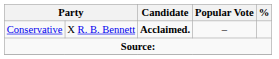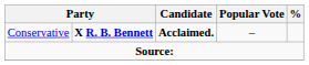 <table class="wikitable">
 <tr>
 <th colspan="2">Party</th>
 <th>Candidate</th>
 <th>Popular Vote</th>
 <th>%</th>
 </tr>
 <tr>
 <td><a href='#'>Conservative</a></td>
-<td> X <a href='#'>R. B. Bennett</a></td>
+<td><strong> X <a href='#'>R. B. Bennett</a></strong></td>
 <td align=center><strong>Acclaimed.</strong></td>
 <td align=center>–</td>
 </tr>
 <tr>
 <td align="center" colspan=5><strong>Source:</strong> </td>
 </tr>
 <tr>
 </tr>
 </table>
